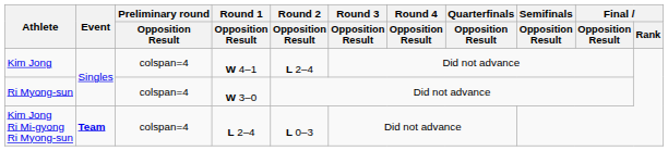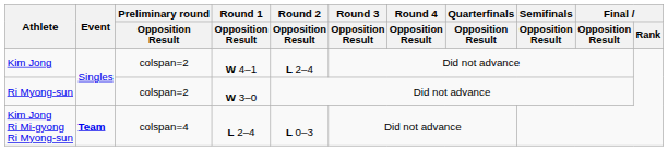 <table class="wikitable" style="font-size:90%">
 <tr>
 <th rowspan=2>Athlete</th>
 <th rowspan=2>Event</th>
 <th>Preliminary round</th>
 <th>Round 1</th>
 <th>Round 2</th>
 <th>Round 3</th>
 <th>Round 4</th>
 <th>Quarterfinals</th>
 <th>Semifinals</th>
 <th colspan=2>Final / </th>
 </tr>
 <tr style="font-size:95%">
 <th>Opposition<br>Result</th>
 <th>Opposition<br>Result</th>
 <th>Opposition<br>Result</th>
 <th>Opposition<br>Result</th>
 <th>Opposition<br>Result</th>
 <th>Opposition<br>Result</th>
 <th>Opposition<br>Result</th>
 <th>Opposition<br>Result</th>
 <th>Rank</th>
 </tr>
 <tr align=center>
 <td align=left><a href='#'>Kim Jong</a></td>
 <td align=left rowspan=2><a href='#'>Singles</a></td>
-<td>colspan=4 </td>
+<td>colspan=2 </td>
 <td><br><strong>W</strong> 4–1</td>
 <td><br><strong>L</strong> 2–4</td>
 <td colspan=5>Did not advance</td>
 </tr>
 <tr align=center>
 <td align=left><a href='#'>Ri Myong-sun</a></td>
-<td>colspan=4 </td>
+<td>colspan=2 </td>
 <td><br><strong>W</strong> 3–0</td>
 <td colspan=6>Did not advance</td>
 </tr>
 <tr align=center>
 <td align=left><a href='#'>Kim Jong</a><br><a href='#'>Ri Mi-gyong</a><br><a href='#'>Ri Myong-sun</a></td>
 <td align=left><strong><a href='#'>Team</a></strong></td>
 <td>colspan=4 </td>
 <td><br><strong>L</strong> 2–4</td>
 <td><br><strong>L</strong> 0–3</td>
 <td colspan=3>Did not advance</td>
 </tr>
 </table>
